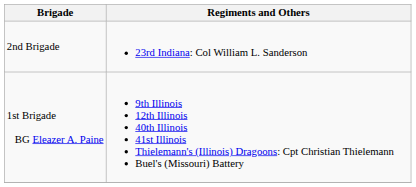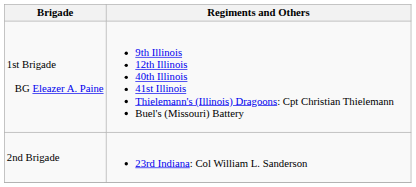 <table class="wikitable">
 <tr>
 <th width=25%>Brigade</th>
 <th>Regiments and Others</th>
 </tr>
 <tr>
+<td>1st Brigade<br><br>   BG <a href='#'>Eleazer A. Paine</a></td>
+<td><br><ul><li><a href='#'>9th Illinois</a></li><li><a href='#'>12th Illinois</a></li><li><a href='#'>40th Illinois</a></li><li><a href='#'>41st Illinois</a></li><li><a href='#'>Thielemann's (Illinois) Dragoons</a>: Cpt Christian Thielemann</li><li>Buel's (Missouri) Battery</li></ul></td>
+</tr>
+<tr>
 <td>2nd Brigade</td>
 <td><br><ul><li><a href='#'>23rd Indiana</a>: Col William L. Sanderson</li></ul></td>
 </tr>
 <tr>
-<td>1st Brigade<br><br>   BG <a href='#'>Eleazer A. Paine</a></td>
-<td><br><ul><li><a href='#'>9th Illinois</a></li><li><a href='#'>12th Illinois</a></li><li><a href='#'>40th Illinois</a></li><li><a href='#'>41st Illinois</a></li><li><a href='#'>Thielemann's (Illinois) Dragoons</a>: Cpt Christian Thielemann</li><li>Buel's (Missouri) Battery</li></ul></td>
-</tr>
-<tr>
 </tr>
 </table>
